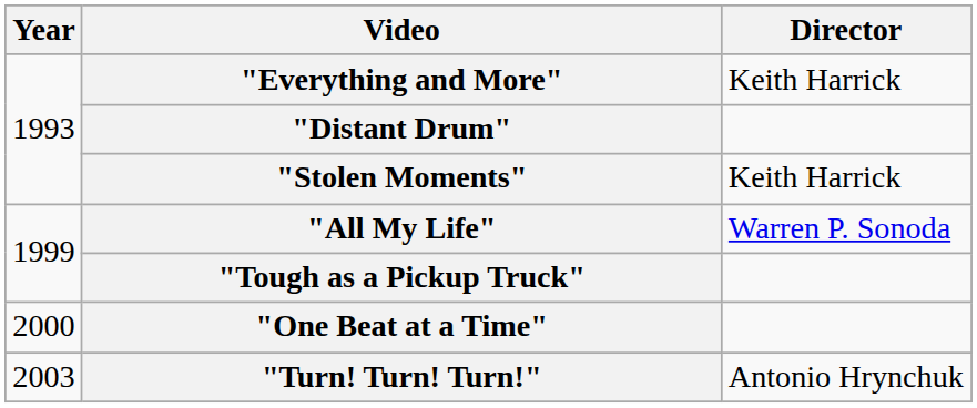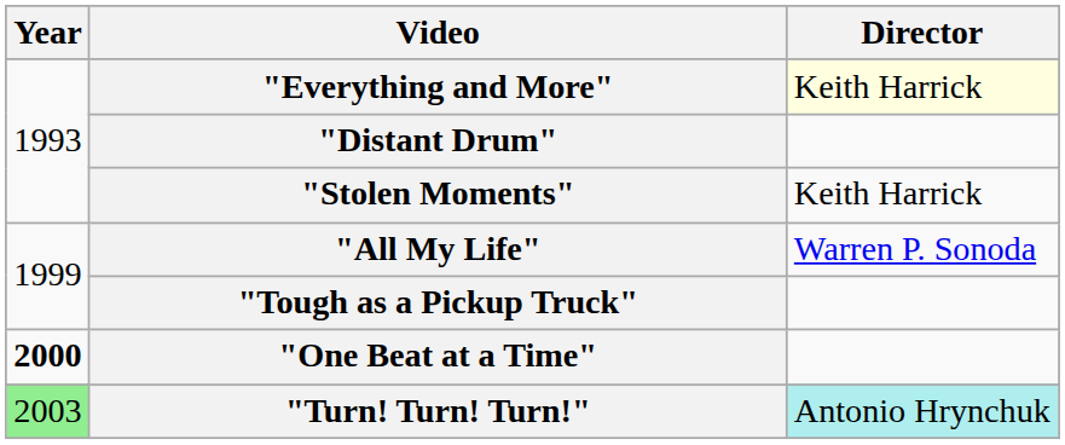 <table class="wikitable plainrowheaders">
 <tr>
 <th>Year</th>
 <th style="width:20em;">Video</th>
 <th>Director</th>
 </tr>
 <tr>
 <td rowspan="3">1993</td>
 <th scope="row">"Everything and More"</th>
-<td>Keith Harrick</td>
+<td style="background: lightyellow;">Keith Harrick</td>
 </tr>
 <tr>
 <th scope="row">"Distant Drum"</th>
 <td></td>
 </tr>
 <tr>
 <th scope="row">"Stolen Moments"</th>
 <td>Keith Harrick</td>
 </tr>
 <tr>
 <td rowspan="2">1999</td>
 <th scope="row">"All My Life"</th>
 <td><a href='#'>Warren P. Sonoda</a></td>
 </tr>
 <tr>
 <th scope="row">"Tough as a Pickup Truck"</th>
 <td></td>
 </tr>
 <tr>
-<td>2000</td>
+<td><strong>2000</strong></td>
 <th scope="row">"One Beat at a Time"</th>
 <td></td>
 </tr>
 <tr>
-<td>2003</td>
+<td style="background: lightgreen;">2003</td>
 <th scope="row">"Turn! Turn! Turn!"</th>
-<td>Antonio Hrynchuk</td>
+<td style="background: paleturquoise;">Antonio Hrynchuk</td>
 </tr>
 </table>
